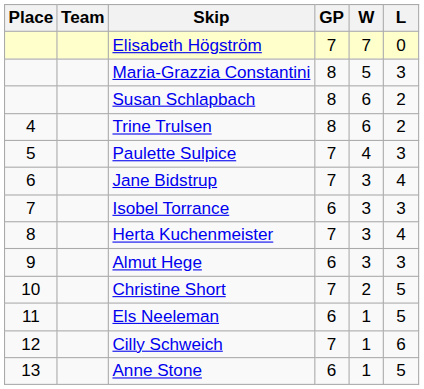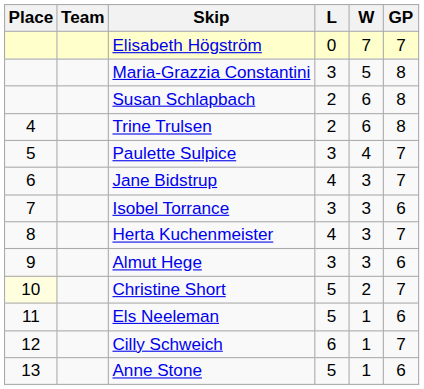 <table class="wikitable" style="text-align:center;">
 <tr>
 <th>Place</th>
 <th>Team</th>
 <th>Skip</th>
+<th width="25">L</th>
+<th width="25">W</th>
 <th width="25">GP</th>
-<th width="25">W</th>
-<th width="25">L</th>
 </tr>
 <tr bgcolor="#ffffcc">
 <td></td>
 <td align=left></td>
 <td align=left><a href='#'>Elisabeth Högström</a></td>
+<td>0</td>
 <td>7</td>
 <td>7</td>
-<td>0</td>
 </tr>
 <tr>
 <td></td>
 <td align=left></td>
 <td align=left><a href='#'>Maria-Grazzia Constantini</a></td>
+<td>3</td>
+<td>5</td>
 <td>8</td>
-<td>5</td>
-<td>3</td>
 </tr>
 <tr>
 <td></td>
 <td align=left></td>
 <td align=left><a href='#'>Susan Schlapbach</a></td>
+<td>2</td>
+<td>6</td>
 <td>8</td>
-<td>6</td>
-<td>2</td>
 </tr>
 <tr>
 <td>4</td>
 <td align=left></td>
 <td align=left><a href='#'>Trine Trulsen</a></td>
+<td>2</td>
+<td>6</td>
 <td>8</td>
-<td>6</td>
-<td>2</td>
 </tr>
 <tr>
 <td>5</td>
 <td align=left></td>
 <td align=left><a href='#'>Paulette Sulpice</a></td>
+<td>3</td>
+<td>4</td>
 <td>7</td>
-<td>4</td>
-<td>3</td>
 </tr>
 <tr>
 <td>6</td>
 <td align=left></td>
 <td align=left><a href='#'>Jane Bidstrup</a></td>
+<td>4</td>
+<td>3</td>
 <td>7</td>
-<td>3</td>
-<td>4</td>
 </tr>
 <tr>
 <td>7</td>
 <td align=left></td>
 <td align=left><a href='#'>Isobel Torrance</a></td>
-<td>6</td>
 <td>3</td>
 <td>3</td>
+<td>6</td>
 </tr>
 <tr>
 <td>8</td>
 <td align=left></td>
 <td align=left><a href='#'>Herta Kuchenmeister</a></td>
+<td>4</td>
+<td>3</td>
 <td>7</td>
-<td>3</td>
-<td>4</td>
 </tr>
 <tr>
 <td>9</td>
 <td align=left></td>
 <td align=left><a href='#'>Almut Hege</a></td>
-<td>6</td>
 <td>3</td>
 <td>3</td>
+<td>6</td>
 </tr>
 <tr>
-<td>10</td>
+<td style="background: lightyellow;">10</td>
 <td align=left></td>
 <td align=left><a href='#'>Christine Short</a></td>
+<td>5</td>
+<td>2</td>
 <td>7</td>
-<td>2</td>
-<td>5</td>
 </tr>
 <tr>
 <td>11</td>
 <td align=left></td>
 <td align=left><a href='#'>Els Neeleman</a></td>
+<td>5</td>
+<td>1</td>
 <td>6</td>
-<td>1</td>
-<td>5</td>
 </tr>
 <tr>
 <td>12</td>
 <td align=left></td>
 <td align=left><a href='#'>Cilly Schweich</a></td>
+<td>6</td>
+<td>1</td>
 <td>7</td>
-<td>1</td>
-<td>6</td>
 </tr>
 <tr>
 <td>13</td>
 <td align=left></td>
 <td align=left><a href='#'>Anne Stone</a></td>
+<td>5</td>
+<td>1</td>
 <td>6</td>
-<td>1</td>
-<td>5</td>
 </tr>
 </table>
